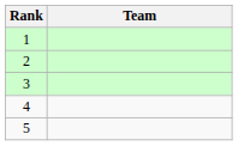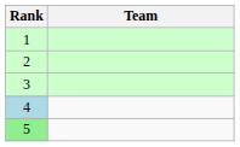 <table class="wikitable" style="text-align: center;">
 <tr>
 <th width=40>Rank</th>
 <th width=200>Team</th>
 </tr>
 <tr bgcolor=#ccffcc>
 <td>1</td>
 <td align=left></td>
 </tr>
 <tr bgcolor=#ccffcc>
 <td>2</td>
 <td align=left></td>
 </tr>
 <tr bgcolor=#ccffcc>
 <td>3</td>
 <td align=left></td>
 </tr>
 <tr>
-<td>4</td>
+<td style="background: lightblue;">4</td>
 <td align=left></td>
 </tr>
 <tr>
-<td>5</td>
+<td style="background: lightgreen;">5</td>
 <td align=left></td>
 </tr>
 </table>
